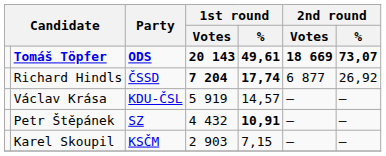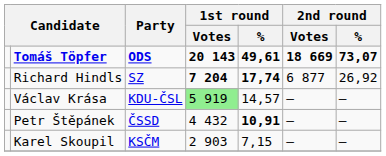 <table class="wikitable sortable">
 <tr>
 <th colspan="2" rowspan="2">Candidate</th>
 <th rowspan="2">Party</th>
 <th colspan="2">1st round</th>
 <th colspan="2">2nd round</th>
 </tr>
 <tr>
 <th>Votes</th>
 <th>%</th>
 <th>Votes</th>
 <th>%</th>
 </tr>
 <tr>
 <td style="background-color:"></td>
 <td><strong><a href='#'>Tomáš Töpfer</a></strong></td>
 <td><a href='#'><strong>ODS</strong></a></td>
 <td><strong>20 143</strong></td>
 <td><strong>49,61</strong></td>
 <td><strong>18 669</strong></td>
 <td><strong>73,07</strong></td>
 </tr>
 <tr>
 <td style="background-color:"></td>
 <td>Richard Hindls</td>
-<td><a href='#'>ČSSD</a></td>
+<td><a href='#'>SZ</a></td>
 <td><strong>7 204</strong></td>
 <td><strong>17,74</strong></td>
 <td>6 877</td>
 <td>26,92</td>
 </tr>
 <tr>
 <td style="background-color:"></td>
 <td>Václav Krása</td>
 <td><a href='#'>KDU-ČSL</a></td>
-<td>5 919</td>
+<td style="background: lightgreen;">5 919</td>
 <td>14,57</td>
 <td>—</td>
 <td>—</td>
 </tr>
 <tr>
 <td style="background-color:"></td>
 <td>Petr Štěpánek</td>
-<td><a href='#'>SZ</a></td>
+<td><a href='#'>ČSSD</a></td>
 <td>4 432</td>
 <td><strong>10,91</strong></td>
 <td>—</td>
 <td>—</td>
 </tr>
 <tr>
 <td style="background-color:"></td>
 <td>Karel Skoupil</td>
 <td><a href='#'>KSČM</a></td>
 <td>2 903</td>
 <td>7,15</td>
 <td>—</td>
 <td>—</td>
 </tr>
 <tr>
 </tr>
 </table>
